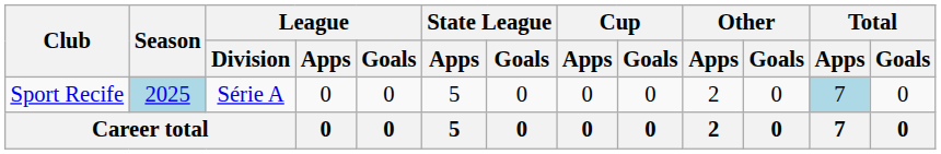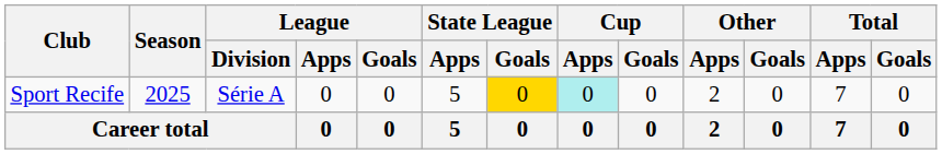 <table class="wikitable" style="text-align:center">
 <tr>
 <th rowspan="2">Club</th>
 <th rowspan="2">Season</th>
 <th colspan="3">League</th>
 <th colspan="2">State League</th>
 <th colspan="2">Cup</th>
 <th colspan="2">Other</th>
 <th colspan="2">Total</th>
 </tr>
 <tr>
 <th>Division</th>
 <th>Apps</th>
 <th>Goals</th>
 <th>Apps</th>
 <th>Goals</th>
 <th>Apps</th>
 <th>Goals</th>
 <th>Apps</th>
 <th>Goals</th>
 <th>Apps</th>
 <th>Goals</th>
 </tr>
 <tr>
 <td><a href='#'>Sport Recife</a></td>
-<td style="background: lightblue;"><a href='#'>2025</a></td>
+<td><a href='#'>2025</a></td>
 <td><a href='#'>Série A</a></td>
 <td>0</td>
 <td>0</td>
 <td>5</td>
-<td>0</td>
-<td>0</td>
+<td style="background: gold;">0</td>
+<td style="background: paleturquoise;">0</td>
 <td>0</td>
 <td>2</td>
 <td>0</td>
-<td style="background: lightblue;">7</td>
+<td>7</td>
 <td>0</td>
 </tr>
 <tr>
 <th colspan="3">Career total</th>
 <th>0</th>
 <th>0</th>
 <th>5</th>
 <th>0</th>
 <th>0</th>
 <th>0</th>
 <th>2</th>
 <th>0</th>
 <th>7</th>
 <th>0</th>
 </tr>
 </table>
